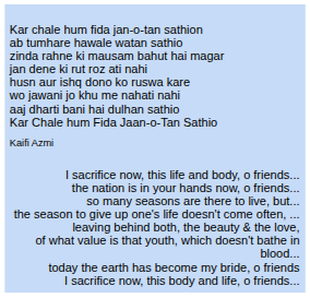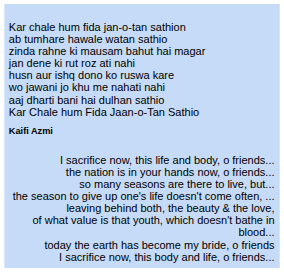 <table class="toccolours" style="float: left; margin-left: 1em; margin-right: 1em; font-size: 85%; background:#c6dbf7; color:black; width:25em; max-width: 35%;" cellspacing="5">
 <tr>
 <td style="text-align: left;"><br>Kar chale hum fida jan-o-tan sathion<br> ab tumhare hawale watan sathio<br> zinda rahne ki mausam bahut hai magar<br> jan dene ki rut roz ati nahi<br> husn aur ishq dono ko ruswa kare<br> wo jawani jo khu me nahati nahi<br> aaj dharti bani hai dulhan sathio<br> Kar Chale hum Fida Jaan-o-Tan Sathio<br></td>
 </tr>
 <tr>
-<td style="text-align: left;"><small>Kaifi Azmi</small></td>
+<td style="text-align: left;"><strong><small>Kaifi Azmi</small></strong></td>
 </tr>
 <tr>
 <td style="text-align: right;"><br>I sacrifice now, this life and body, o friends...<br> the nation is in your hands now, o friends...<br> so many seasons are there to live, but...<br> the season to give up one's life doesn't come often, ... <br> leaving behind both, the beauty & the love, <br> of what value is that youth, which doesn't bathe in blood...<br> today the earth has become my bride, o friends <br> I sacrifice now, this body and life, o friends... <br></td>
 </tr>
 </table>
